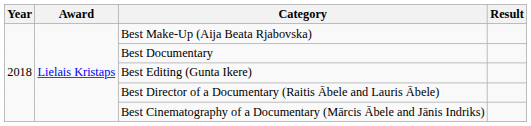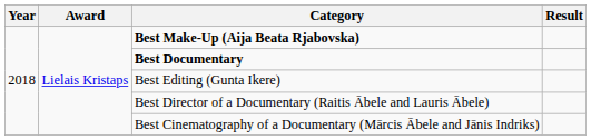 <table class="wikitable">
 <tr>
 <th>Year</th>
 <th>Award</th>
 <th>Category</th>
 <th>Result</th>
 </tr>
 <tr>
 <td rowspan="5">2018</td>
 <td rowspan="5"><a href='#'>Lielais Kristaps</a></td>
-<td>Best Make-Up (Aija Beata Rjabovska)</td>
+<td><strong>Best Make-Up (Aija Beata Rjabovska)</strong></td>
 <td></td>
 </tr>
 <tr>
-<td>Best Documentary</td>
+<td><strong>Best Documentary</strong></td>
 <td></td>
 </tr>
 <tr>
 <td>Best Editing (Gunta Ikere)</td>
 <td></td>
 </tr>
 <tr>
 <td>Best Director of a Documentary (Raitis Ābele and Lauris Ābele)</td>
 <td></td>
 </tr>
 <tr>
 <td>Best Cinematography of a Documentary (Mārcis Ābele and Jānis Indriks)</td>
 <td></td>
 </tr>
 </table>
